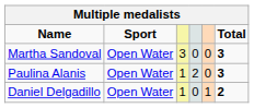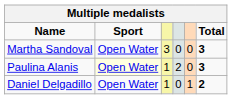 <table class="wikitable" style="font-size:85%; float:right;">
 <tr style="background:#efefef;">
 <th colspan=7>Multiple medalists</th>
 </tr>
 <tr align=center>
 <td><strong>Name</strong></td>
 <td><strong>Sport</strong></td>
 <td style="background:#f7f6a8;"></td>
 <td style="background:#dce5e5;"></td>
 <td style="background:#ffdab9;"></td>
 <td><strong>Total</strong></td>
 </tr>
 <tr>
 <td><a href='#'>Martha Sandoval</a></td>
 <td><a href='#'>Open Water</a></td>
 <td bgcolor=F7F6A8>3</td>
 <td bgcolor=DCE5E5>0</td>
 <td bgcolor=FFDAB9>0</td>
 <td><strong>3</strong></td>
 </tr>
 <tr>
 <td><a href='#'>Paulina Alanis</a></td>
-<td><a href='#'>Open Water</a></td>
+<td style="background: lightyellow;"><a href='#'>Open Water</a></td>
 <td bgcolor=F7F6A8>1</td>
 <td bgcolor=DCE5E5>2</td>
 <td bgcolor=FFDAB9>0</td>
 <td><strong>3</strong></td>
 </tr>
 <tr>
 <td><a href='#'>Daniel Delgadillo</a></td>
 <td><a href='#'>Open Water</a></td>
 <td bgcolor=F7F6A8>1</td>
 <td bgcolor=DCE5E5>0</td>
 <td bgcolor=FFDAB9>1</td>
 <td><strong>2</strong></td>
 </tr>
 </table>
